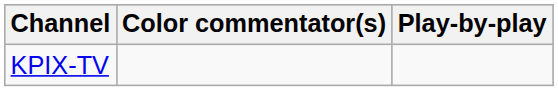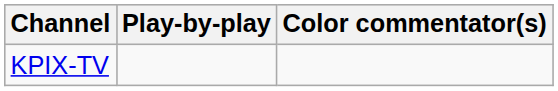 <table class="wikitable">
 <tr>
 <th>Channel</th>
+<th>Play-by-play</th>
 <th>Color commentator(s)</th>
-<th>Play-by-play</th>
 </tr>
 <tr>
 <td><a href='#'>KPIX-TV</a></td>
 <td></td>
 <td></td>
 </tr>
 </table>
